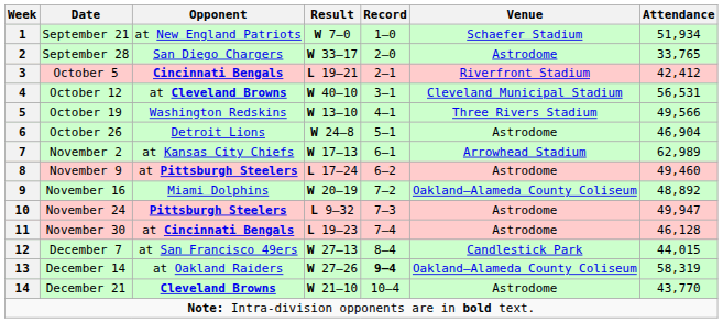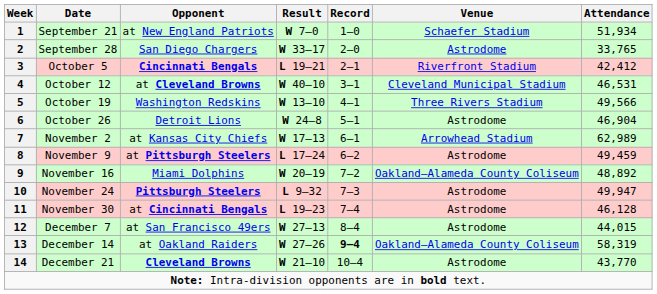 <table class="wikitable" style="text-align:center">
 <tr>
 <th>Week</th>
 <th>Date</th>
 <th>Opponent</th>
 <th>Result</th>
 <th>Record</th>
 <th>Venue</th>
 <th>Attendance</th>
 </tr>
 <tr style="background:#cfc">
 <th>1</th>
 <td>September 21</td>
 <td>at <a href='#'>New England Patriots</a></td>
 <td><strong>W</strong> 7–0</td>
 <td>1–0</td>
 <td><a href='#'>Schaefer Stadium</a></td>
 <td>51,934</td>
 </tr>
 <tr style="background:#cfc">
 <th>2</th>
 <td>September 28</td>
 <td><a href='#'>San Diego Chargers</a></td>
 <td><strong>W</strong> 33–17</td>
 <td>2–0</td>
 <td><a href='#'>Astrodome</a></td>
 <td>33,765</td>
 </tr>
 <tr style="background:#fcc">
 <th>3</th>
 <td>October 5</td>
 <td><strong><a href='#'>Cincinnati Bengals</a></strong></td>
 <td><strong>L</strong> 19–21</td>
 <td>2–1</td>
 <td><a href='#'>Riverfront Stadium</a></td>
 <td>42,412</td>
 </tr>
 <tr style="background:#cfc">
 <th>4</th>
 <td>October 12</td>
 <td>at <strong><a href='#'>Cleveland Browns</a></strong></td>
 <td><strong>W</strong> 40–10</td>
 <td>3–1</td>
 <td><a href='#'>Cleveland Municipal Stadium</a></td>
-<td>56,531</td>
+<td>46,531</td>
 </tr>
 <tr style="background:#cfc">
 <th>5</th>
 <td>October 19</td>
 <td><a href='#'>Washington Redskins</a></td>
 <td><strong>W</strong> 13–10</td>
 <td>4–1</td>
 <td><a href='#'>Three Rivers Stadium</a></td>
 <td>49,566</td>
 </tr>
 <tr style="background:#cfc">
 <th>6</th>
 <td>October 26</td>
 <td><a href='#'>Detroit Lions</a></td>
 <td><strong>W</strong> 24–8</td>
 <td>5–1</td>
 <td>Astrodome</td>
 <td>46,904</td>
 </tr>
 <tr style="background:#cfc">
 <th>7</th>
 <td>November 2</td>
 <td>at <a href='#'>Kansas City Chiefs</a></td>
 <td><strong>W</strong> 17–13</td>
 <td>6–1</td>
 <td><a href='#'>Arrowhead Stadium</a></td>
 <td>62,989</td>
 </tr>
 <tr style="background:#fcc">
 <th>8</th>
 <td>November 9</td>
 <td>at <strong><a href='#'>Pittsburgh Steelers</a></strong></td>
 <td><strong>L</strong> 17–24</td>
 <td>6–2</td>
 <td>Astrodome</td>
-<td>49,460</td>
+<td>49,459</td>
 </tr>
 <tr style="background:#cfc">
 <th>9</th>
 <td>November 16</td>
 <td><a href='#'>Miami Dolphins</a></td>
 <td><strong>W</strong> 20–19</td>
 <td>7–2</td>
 <td><a href='#'>Oakland–Alameda County Coliseum</a></td>
 <td>48,892</td>
 </tr>
 <tr style="background:#fcc">
 <th>10</th>
 <td>November 24</td>
 <td><strong><a href='#'>Pittsburgh Steelers</a></strong></td>
 <td><strong>L</strong> 9–32</td>
 <td>7–3</td>
 <td>Astrodome</td>
 <td>49,947</td>
 </tr>
 <tr style="background:#fcc">
 <th>11</th>
 <td>November 30</td>
 <td>at <strong><a href='#'>Cincinnati Bengals</a></strong></td>
 <td><strong>L</strong> 19–23</td>
 <td>7–4</td>
 <td>Astrodome</td>
 <td>46,128</td>
 </tr>
 <tr style="background:#cfc">
 <th>12</th>
 <td>December 7</td>
 <td>at <a href='#'>San Francisco 49ers</a></td>
 <td><strong>W</strong> 27–13</td>
 <td>8–4</td>
-<td><a href='#'>Candlestick Park</a></td>
+<td>Astrodome</td>
 <td>44,015</td>
 </tr>
 <tr style="background:#cfc">
 <th>13</th>
 <td>December 14</td>
 <td>at <a href='#'>Oakland Raiders</a></td>
 <td><strong>W</strong> 27–26</td>
 <td><strong>9–4</strong></td>
 <td><a href='#'>Oakland–Alameda County Coliseum</a></td>
 <td>58,319</td>
 </tr>
 <tr style="background:#cfc">
 <th>14</th>
 <td>December 21</td>
 <td><strong><a href='#'>Cleveland Browns</a></strong></td>
 <td><strong>W</strong> 21–10</td>
 <td>10–4</td>
 <td>Astrodome</td>
 <td>43,770</td>
 </tr>
 <tr>
 <td colspan="8"><strong>Note:</strong> Intra-division opponents are in <strong>bold</strong> text.</td>
 </tr>
 </table>
